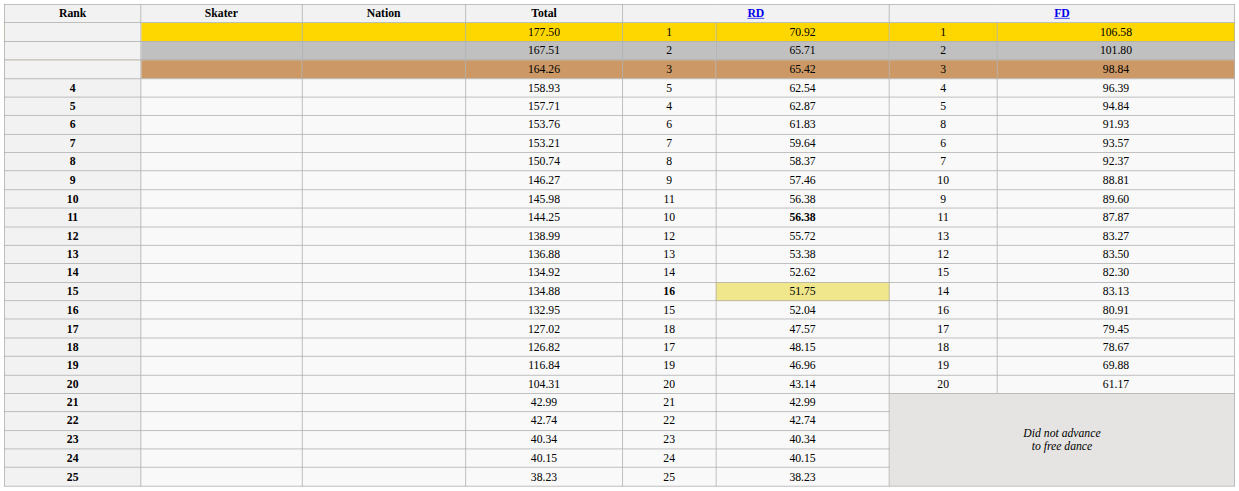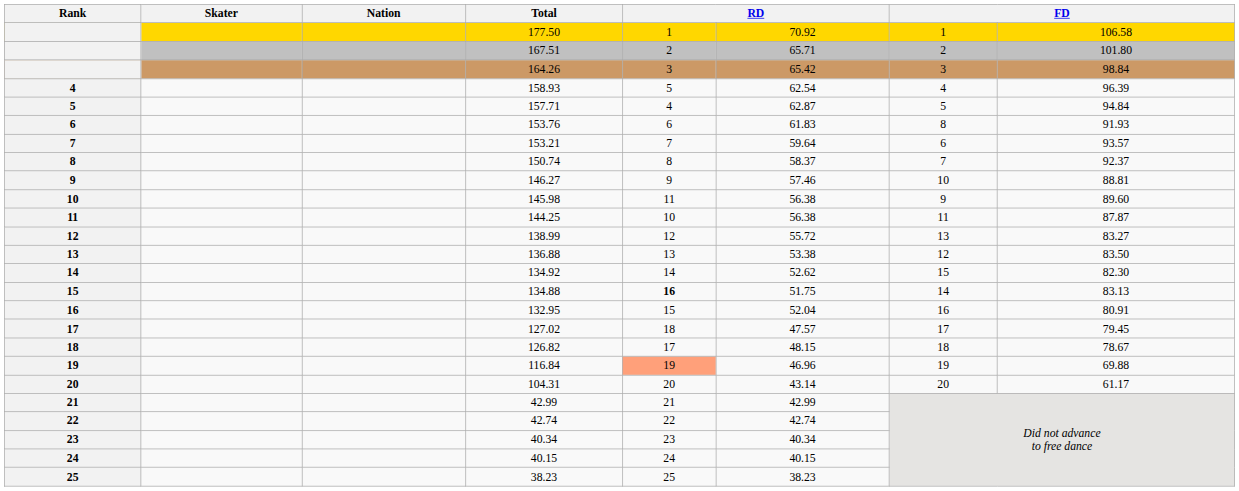 <table class="wikitable sortable" style="text-align:center; width:85%">
 <tr>
 <th scope="col">Rank</th>
 <th scope="col">Skater</th>
 <th scope="col">Nation</th>
 <th scope="col">Total</th>
 <th colspan="2" width="80px"><a href='#'>RD</a></th>
 <th colspan="2" width="80px"><a href='#'>FD</a></th>
 </tr>
 <tr bgcolor="gold">
 <th scope="row"></th>
 <td align="left"></td>
 <td align="left"></td>
 <td>177.50</td>
 <td>1</td>
 <td>70.92</td>
 <td>1</td>
 <td>106.58</td>
 </tr>
 <tr bgcolor="silver">
 <th scope="row"></th>
 <td align="left"></td>
 <td align="left"></td>
 <td>167.51</td>
 <td>2</td>
 <td>65.71</td>
 <td>2</td>
 <td>101.80</td>
 </tr>
 <tr bgcolor="#cc9966">
 <th scope="row"></th>
 <td align="left"></td>
 <td align="left"></td>
 <td>164.26</td>
 <td>3</td>
 <td>65.42</td>
 <td>3</td>
 <td>98.84</td>
 </tr>
 <tr>
 <th scope="row">4</th>
 <td align="left"></td>
 <td align="left"></td>
 <td>158.93</td>
 <td>5</td>
 <td>62.54</td>
 <td>4</td>
 <td>96.39</td>
 </tr>
 <tr>
 <th scope="row">5</th>
 <td align="left"></td>
 <td align="left"></td>
 <td>157.71</td>
 <td>4</td>
 <td>62.87</td>
 <td>5</td>
 <td>94.84</td>
 </tr>
 <tr>
 <th scope="row">6</th>
 <td align="left"></td>
 <td align="left"></td>
 <td>153.76</td>
 <td>6</td>
 <td>61.83</td>
 <td>8</td>
 <td>91.93</td>
 </tr>
 <tr>
 <th scope="row">7</th>
 <td align="left"></td>
 <td align="left"></td>
 <td>153.21</td>
 <td>7</td>
 <td>59.64</td>
 <td>6</td>
 <td>93.57</td>
 </tr>
 <tr>
 <th scope="row">8</th>
 <td align="left"></td>
 <td align="left"></td>
 <td>150.74</td>
 <td>8</td>
 <td>58.37</td>
 <td>7</td>
 <td>92.37</td>
 </tr>
 <tr>
 <th scope="row">9</th>
 <td align="left"></td>
 <td align="left"></td>
 <td>146.27</td>
 <td>9</td>
 <td>57.46</td>
 <td>10</td>
 <td>88.81</td>
 </tr>
 <tr>
 <th scope="row">10</th>
 <td align="left"></td>
 <td align="left"></td>
 <td>145.98</td>
 <td>11</td>
 <td>56.38</td>
 <td>9</td>
 <td>89.60</td>
 </tr>
 <tr>
 <th scope="row">11</th>
 <td align="left"></td>
 <td align="left"></td>
 <td>144.25</td>
 <td>10</td>
-<td><strong>56.38</strong></td>
+<td>56.38</td>
 <td>11</td>
 <td>87.87</td>
 </tr>
 <tr>
 <th scope="row">12</th>
 <td align="left"></td>
 <td align="left"></td>
 <td>138.99</td>
 <td>12</td>
 <td>55.72</td>
 <td>13</td>
 <td>83.27</td>
 </tr>
 <tr>
 <th scope="row">13</th>
 <td align="left"></td>
 <td align="left"></td>
 <td>136.88</td>
 <td>13</td>
 <td>53.38</td>
 <td>12</td>
 <td>83.50</td>
 </tr>
 <tr>
 <th scope="row">14</th>
 <td align="left"></td>
 <td align="left"></td>
 <td>134.92</td>
 <td>14</td>
 <td>52.62</td>
 <td>15</td>
 <td>82.30</td>
 </tr>
 <tr>
 <th scope="row">15</th>
 <td align="left"></td>
 <td align="left"></td>
 <td>134.88</td>
 <td><strong>16</strong></td>
-<td style="background: khaki;">51.75</td>
+<td>51.75</td>
 <td>14</td>
 <td>83.13</td>
 </tr>
 <tr>
 <th scope="row">16</th>
 <td align="left"></td>
 <td align="left"></td>
 <td>132.95</td>
 <td>15</td>
 <td>52.04</td>
 <td>16</td>
 <td>80.91</td>
 </tr>
 <tr>
 <th scope="row">17</th>
 <td align="left"></td>
 <td align="left"></td>
 <td>127.02</td>
 <td>18</td>
 <td>47.57</td>
 <td>17</td>
 <td>79.45</td>
 </tr>
 <tr>
 <th scope="row">18</th>
 <td align="left"></td>
 <td align="left"></td>
 <td>126.82</td>
 <td>17</td>
 <td>48.15</td>
 <td>18</td>
 <td>78.67</td>
 </tr>
 <tr>
 <th scope="row">19</th>
 <td align="left"></td>
 <td align="left"></td>
 <td>116.84</td>
-<td>19</td>
+<td style="background: lightsalmon;">19</td>
 <td>46.96</td>
 <td>19</td>
 <td>69.88</td>
 </tr>
 <tr>
 <th scope="row">20</th>
 <td align="left"></td>
 <td align="left"></td>
 <td>104.31</td>
 <td>20</td>
 <td>43.14</td>
 <td>20</td>
 <td>61.17</td>
 </tr>
 <tr>
 <th scope="row">21</th>
 <td align="left"></td>
 <td align="left"></td>
 <td>42.99</td>
 <td>21</td>
 <td>42.99</td>
 <td colspan="2" rowspan="5" bgcolor="e5e4e2"><em>Did not advance<br>to free dance</em></td>
 </tr>
 <tr>
 <th scope="row">22</th>
 <td align="left"></td>
 <td align="left"></td>
 <td>42.74</td>
 <td>22</td>
 <td>42.74</td>
 </tr>
 <tr>
 <th scope="row">23</th>
 <td align="left"></td>
 <td align="left"></td>
 <td>40.34</td>
 <td>23</td>
 <td>40.34</td>
 </tr>
 <tr>
 <th scope="row">24</th>
 <td align="left"></td>
 <td align="left"></td>
 <td>40.15</td>
 <td>24</td>
 <td>40.15</td>
 </tr>
 <tr>
 <th scope="row">25</th>
 <td align="left"></td>
 <td align="left"></td>
 <td>38.23</td>
 <td>25</td>
 <td>38.23</td>
 </tr>
 </table>
